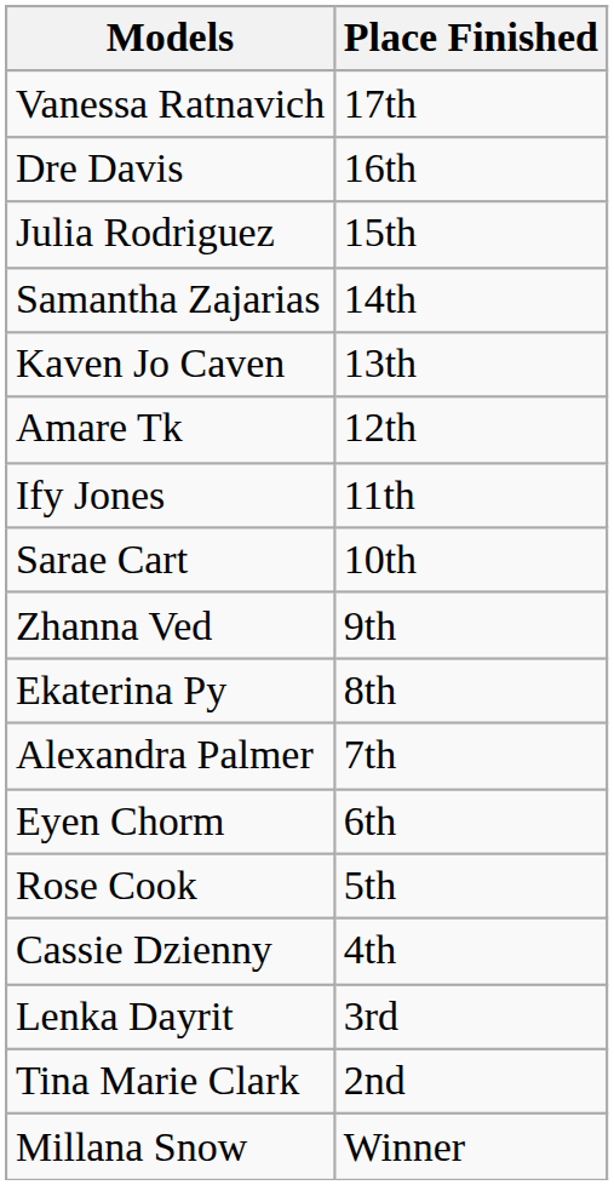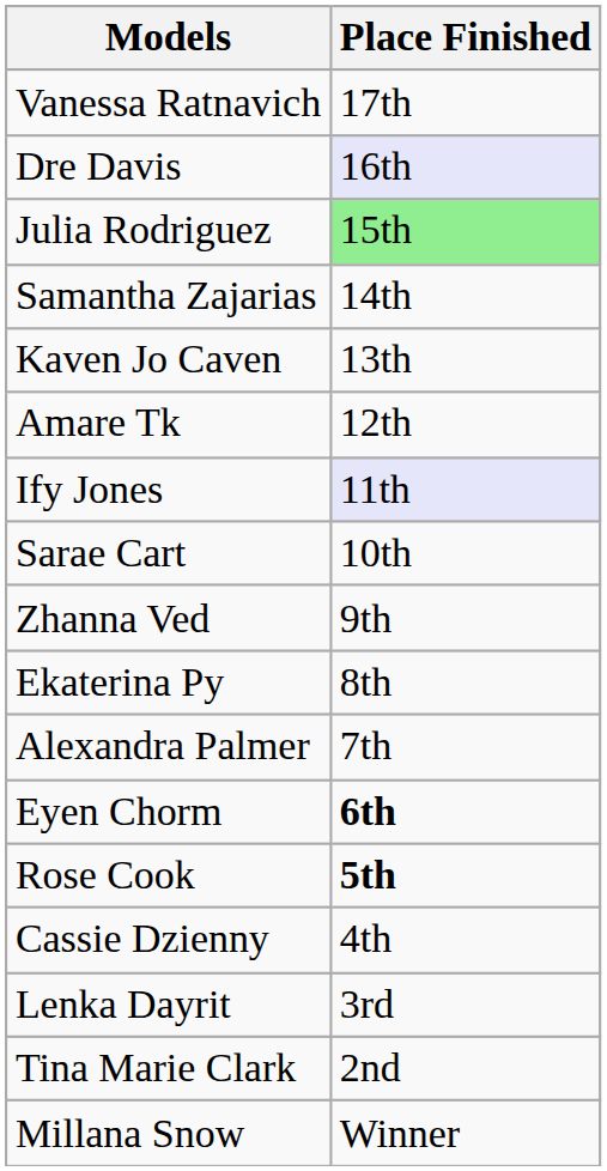 <table class="wikitable sortable">
 <tr>
 <th>Models</th>
 <th>Place Finished</th>
 </tr>
 <tr>
 <td>Vanessa Ratnavich</td>
 <td>17th</td>
 </tr>
 <tr>
 <td>Dre Davis</td>
-<td>16th</td>
+<td style="background: lavender;">16th</td>
 </tr>
 <tr>
 <td>Julia Rodriguez</td>
-<td>15th</td>
+<td style="background: lightgreen;">15th</td>
 </tr>
 <tr>
 <td>Samantha Zajarias</td>
 <td>14th</td>
 </tr>
 <tr>
 <td>Kaven Jo Caven</td>
 <td>13th</td>
 </tr>
 <tr>
 <td>Amare Tk</td>
 <td>12th</td>
 </tr>
 <tr>
 <td>Ify Jones</td>
-<td>11th</td>
+<td style="background: lavender;">11th</td>
 </tr>
 <tr>
 <td>Sarae Cart</td>
 <td>10th</td>
 </tr>
 <tr>
 <td>Zhanna Ved</td>
 <td>9th</td>
 </tr>
 <tr>
 <td>Ekaterina Py</td>
 <td>8th</td>
 </tr>
 <tr>
 <td>Alexandra Palmer</td>
 <td>7th</td>
 </tr>
 <tr>
 <td>Eyen Chorm</td>
-<td>6th</td>
+<td><strong>6th</strong></td>
 </tr>
 <tr>
 <td>Rose Cook</td>
-<td>5th</td>
+<td><strong>5th</strong></td>
 </tr>
 <tr>
 <td>Cassie Dzienny</td>
 <td>4th</td>
 </tr>
 <tr>
 <td>Lenka Dayrit</td>
 <td>3rd</td>
 </tr>
 <tr>
 <td>Tina Marie Clark</td>
 <td>2nd</td>
 </tr>
 <tr>
 <td>Millana Snow</td>
 <td>Winner</td>
 </tr>
 </table>
